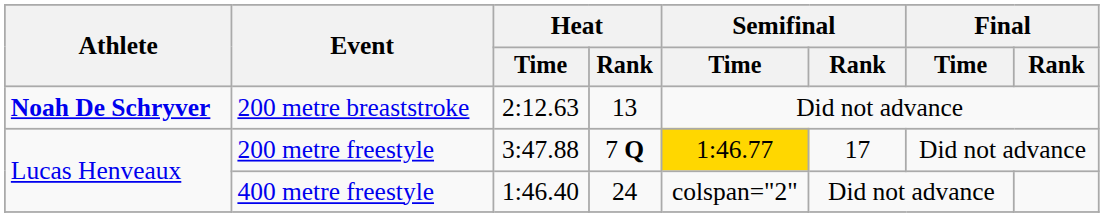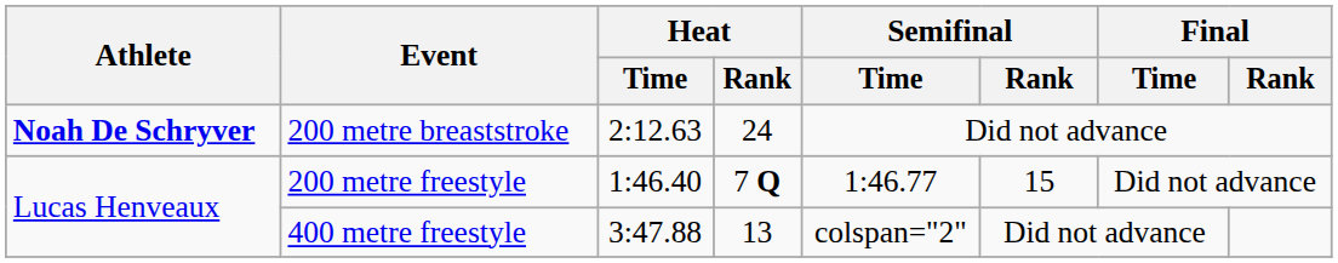 <table class="wikitable" style="text-align:center; font-size:90%; width:70%;">
 <tr>
 <th rowspan="2">Athlete</th>
 <th rowspan="2">Event</th>
 <th colspan="2">Heat</th>
 <th colspan="2">Semifinal</th>
 <th colspan="2">Final</th>
 </tr>
 <tr style="font-size:95%">
 <th>Time</th>
 <th>Rank</th>
 <th>Time</th>
 <th>Rank</th>
 <th>Time</th>
 <th>Rank</th>
 </tr>
 <tr>
 <td align=left><strong><a href='#'>Noah De Schryver</a></strong></td>
 <td align=left><a href='#'>200 metre breaststroke</a></td>
 <td>2:12.63</td>
-<td>13</td>
+<td>24</td>
 <td colspan=4>Did not advance</td>
 </tr>
 <tr>
 <td align=left rowspan=2><a href='#'>Lucas Henveaux</a></td>
 <td align=left><a href='#'>200 metre freestyle</a></td>
-<td>3:47.88</td>
+<td>1:46.40</td>
 <td>7 <strong>Q</strong></td>
-<td style="background: gold;">1:46.77</td>
-<td>17</td>
+<td>1:46.77</td>
+<td>15</td>
 <td colspan="2">Did not advance</td>
 </tr>
 <tr>
 <td align=left><a href='#'>400 metre freestyle</a></td>
-<td>1:46.40</td>
-<td>24</td>
+<td>3:47.88</td>
+<td>13</td>
 <td>colspan="2" </td>
 <td colspan="2">Did not advance</td>
 </tr>
 </table>
